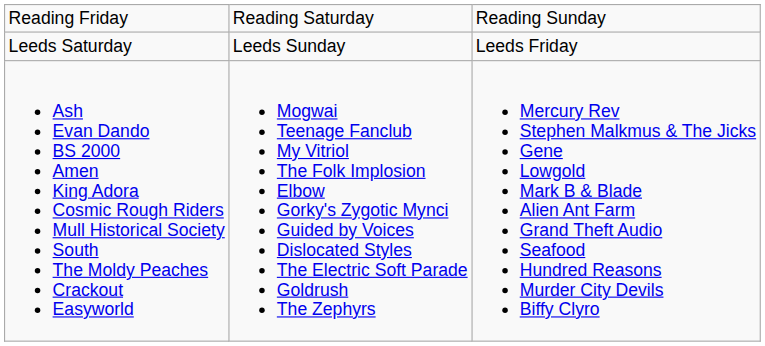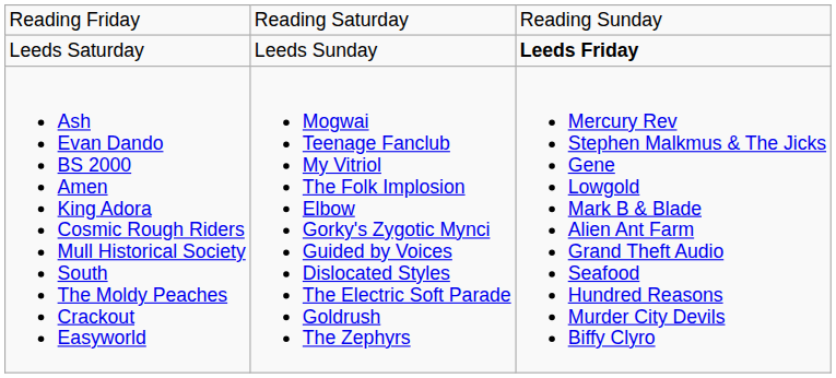 <table class="wikitable">
 <tr>
 <td>Reading Friday</td>
 <td>Reading Saturday</td>
 <td>Reading Sunday</td>
 </tr>
 <tr>
 <td>Leeds Saturday</td>
 <td>Leeds Sunday</td>
-<td>Leeds Friday</td>
+<td><strong>Leeds Friday</strong></td>
 </tr>
 <tr>
 <td><br><ul><li><a href='#'>Ash</a></li><li><a href='#'>Evan Dando</a></li><li><a href='#'>BS 2000</a></li><li><a href='#'>Amen</a></li><li><a href='#'>King Adora</a></li><li><a href='#'>Cosmic Rough Riders</a></li><li><a href='#'>Mull Historical Society</a></li><li><a href='#'>South</a></li><li><a href='#'>The Moldy Peaches</a></li><li><a href='#'>Crackout</a></li><li><a href='#'>Easyworld</a></li></ul></td>
 <td><br><ul><li><a href='#'>Mogwai</a></li><li><a href='#'>Teenage Fanclub</a></li><li><a href='#'>My Vitriol</a></li><li><a href='#'>The Folk Implosion</a></li><li><a href='#'>Elbow</a></li><li><a href='#'>Gorky's Zygotic Mynci</a></li><li><a href='#'>Guided by Voices</a></li><li><a href='#'>Dislocated Styles</a></li><li><a href='#'>The Electric Soft Parade</a></li><li><a href='#'>Goldrush</a></li><li><a href='#'>The Zephyrs</a></li></ul></td>
 <td><br><ul><li><a href='#'>Mercury Rev</a></li><li><a href='#'>Stephen Malkmus & The Jicks</a></li><li><a href='#'>Gene</a></li><li><a href='#'>Lowgold</a></li><li><a href='#'>Mark B & Blade</a></li><li><a href='#'>Alien Ant Farm</a></li><li><a href='#'>Grand Theft Audio</a></li><li><a href='#'>Seafood</a></li><li><a href='#'>Hundred Reasons</a></li><li><a href='#'>Murder City Devils</a></li><li><a href='#'>Biffy Clyro</a></li></ul></td>
 </tr>
 </table>
